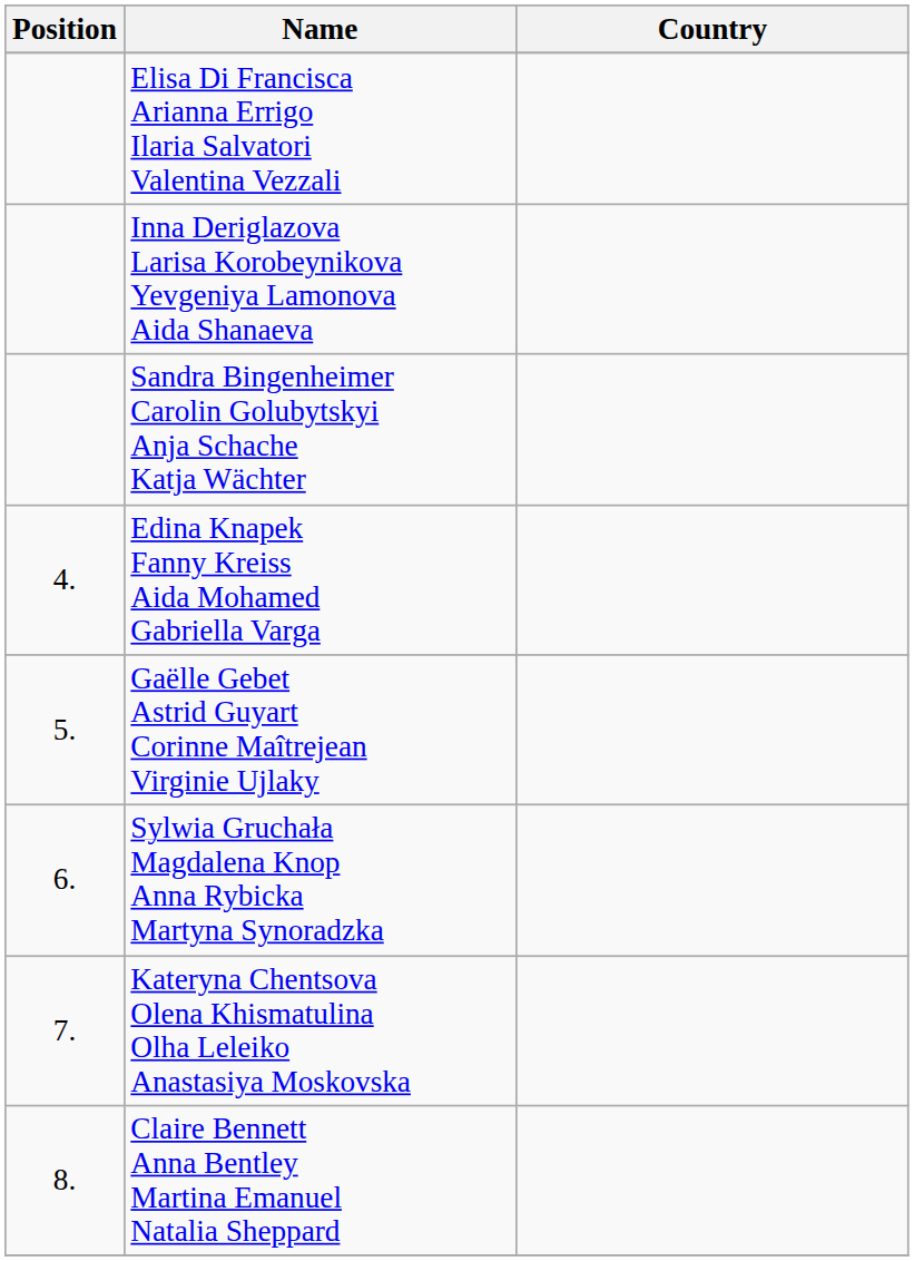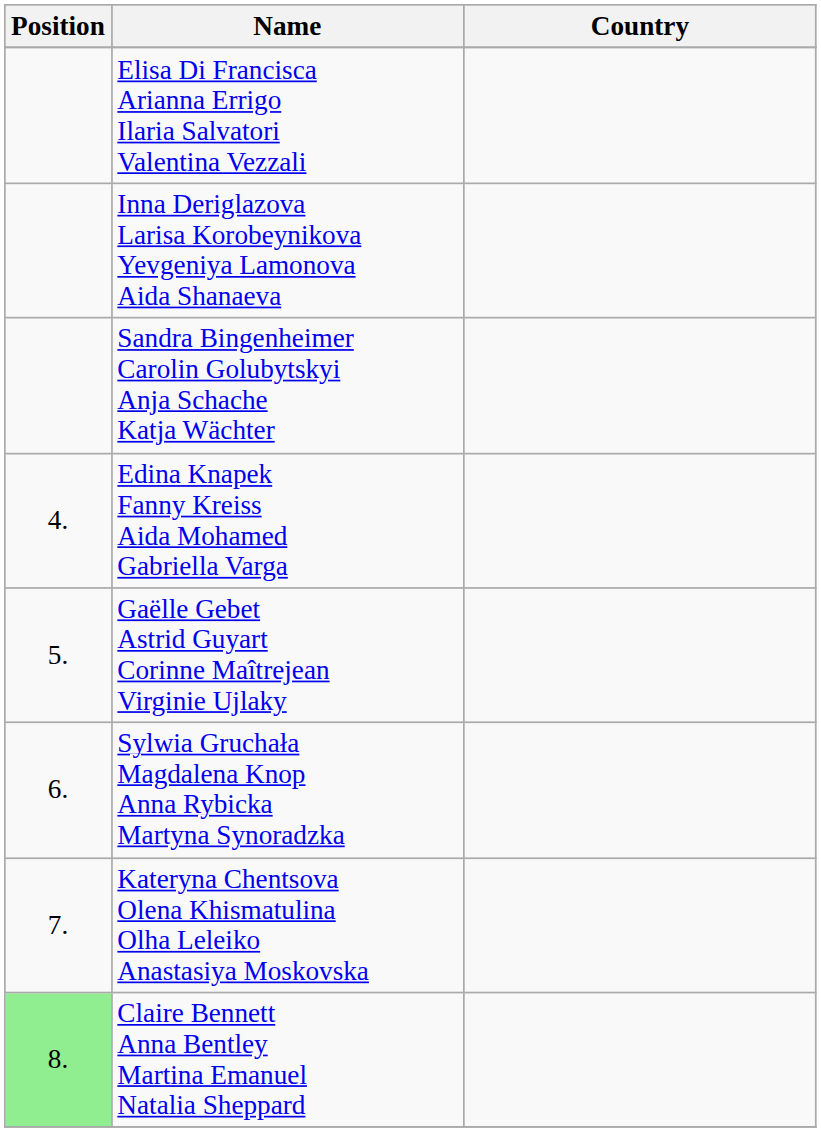 <table class="wikitable">
 <tr>
 <th width="20">Position</th>
 <th width="200">Name</th>
 <th width="200">Country</th>
 </tr>
 <tr>
 </tr>
 <tr>
 <td align="center"></td>
 <td><a href='#'>Elisa Di Francisca</a><br><a href='#'>Arianna Errigo</a><br><a href='#'>Ilaria Salvatori</a><br><a href='#'>Valentina Vezzali</a></td>
 <td></td>
 </tr>
 <tr>
 <td align="center"></td>
 <td><a href='#'>Inna Deriglazova</a><br><a href='#'>Larisa Korobeynikova</a><br><a href='#'>Yevgeniya Lamonova</a><br><a href='#'>Aida Shanaeva</a></td>
 <td></td>
 </tr>
 <tr>
 <td align="center"></td>
 <td><a href='#'>Sandra Bingenheimer</a><br><a href='#'>Carolin Golubytskyi</a><br><a href='#'>Anja Schache</a><br><a href='#'>Katja Wächter</a></td>
 <td></td>
 </tr>
 <tr>
 <td align="center">4.</td>
 <td><a href='#'>Edina Knapek</a><br><a href='#'>Fanny Kreiss</a><br><a href='#'>Aida Mohamed</a><br><a href='#'>Gabriella Varga</a></td>
 <td></td>
 </tr>
 <tr>
 <td align="center">5.</td>
 <td><a href='#'>Gaëlle Gebet</a><br><a href='#'>Astrid Guyart</a><br><a href='#'>Corinne Maîtrejean</a><br><a href='#'>Virginie Ujlaky</a></td>
 <td></td>
 </tr>
 <tr>
 <td align="center">6.</td>
 <td><a href='#'>Sylwia Gruchała</a><br><a href='#'>Magdalena Knop</a><br><a href='#'>Anna Rybicka</a><br><a href='#'>Martyna Synoradzka</a></td>
 <td></td>
 </tr>
 <tr>
 <td align="center">7.</td>
 <td><a href='#'>Kateryna Chentsova</a><br><a href='#'>Olena Khismatulina</a><br><a href='#'>Olha Leleiko</a><br><a href='#'>Anastasiya Moskovska</a></td>
 <td></td>
 </tr>
 <tr>
-<td align="center">8.</td>
+<td align="center" style="background: lightgreen;">8.</td>
 <td><a href='#'>Claire Bennett</a><br><a href='#'>Anna Bentley</a><br><a href='#'>Martina Emanuel</a><br><a href='#'>Natalia Sheppard</a></td>
 <td></td>
 </tr>
 <tr>
 </tr>
 </table>
